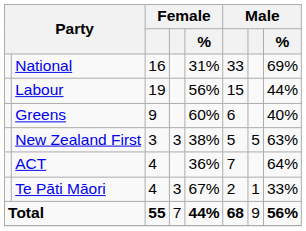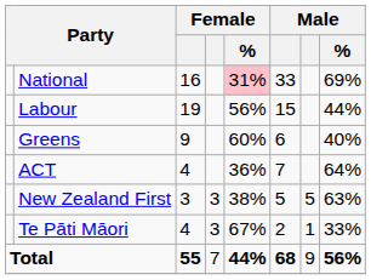 <table class="wikitable">
 <tr>
 <th rowspan=2 colspan=2>Party</th>
 <th colspan=3>Female</th>
 <th colspan=3>Male</th>
 </tr>
 <tr>
 <th></th>
 <th></th>
 <th>%</th>
 <th></th>
 <th></th>
 <th>%</th>
 </tr>
 <tr>
 <td style="background:"></td>
 <td><a href='#'>National</a></td>
 <td>16</td>
 <td></td>
-<td>31%</td>
+<td style="background: pink;">31%</td>
 <td>33</td>
 <td></td>
 <td>69%</td>
 </tr>
 <tr>
 <td style="background:"></td>
 <td><a href='#'>Labour</a></td>
 <td>19</td>
 <td></td>
 <td>56%</td>
 <td>15</td>
 <td></td>
 <td>44%</td>
 </tr>
 <tr>
 <td style="background:"></td>
 <td><a href='#'>Greens</a></td>
 <td>9</td>
 <td></td>
 <td>60%</td>
 <td>6</td>
 <td></td>
 <td>40%</td>
 </tr>
 <tr>
 <td style="background:"></td>
+<td><a href='#'>ACT</a></td>
+<td>4</td>
+<td></td>
+<td>36%</td>
+<td>7</td>
+<td></td>
+<td>64%</td>
+</tr>
+<tr>
+<td style="background:"></td>
 <td><a href='#'>New Zealand First</a></td>
 <td>3</td>
 <td>3</td>
 <td>38%</td>
 <td>5</td>
 <td>5</td>
 <td>63%</td>
-</tr>
-<tr>
-<td style="background:"></td>
-<td><a href='#'>ACT</a></td>
-<td>4</td>
-<td></td>
-<td>36%</td>
-<td>7</td>
-<td></td>
-<td>64%</td>
 </tr>
 <tr>
 <td style="background:"></td>
 <td><a href='#'>Te Pāti Māori</a></td>
 <td>4</td>
 <td>3</td>
 <td>67%</td>
 <td>2</td>
 <td>1</td>
 <td>33%</td>
 </tr>
 <tr>
 <td colspan=2><strong>Total</strong></td>
 <td><strong>55</strong></td>
 <td>7</td>
 <td><strong>44%</strong></td>
 <td><strong>68</strong></td>
 <td>9</td>
 <td><strong>56%</strong></td>
 </tr>
 <tr>
 </tr>
 </table>
